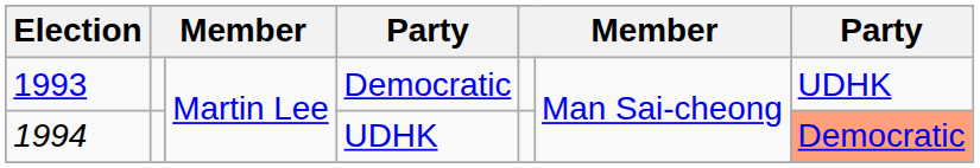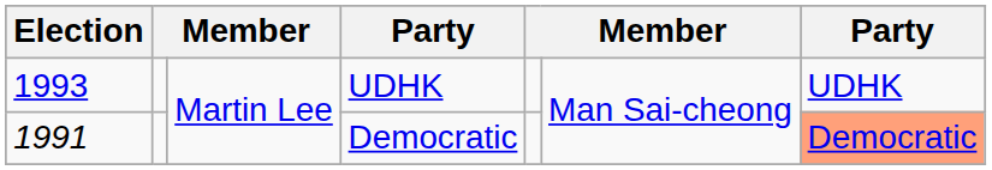 <table class="wikitable">
 <tr>
 <th>Election</th>
 <th colspan="2">Member</th>
 <th>Party</th>
 <th colspan="2">Member</th>
 <th>Party</th>
 </tr>
 <tr>
 <td><a href='#'>1993</a></td>
 <td bgcolor=></td>
 <td rowspan="2"><a href='#'>Martin Lee</a></td>
-<td><a href='#'>Democratic</a></td>
+<td><a href='#'>UDHK</a></td>
 <td bgcolor=></td>
 <td rowspan="2"><a href='#'>Man Sai-cheong</a></td>
 <td><a href='#'>UDHK</a></td>
 </tr>
 <tr>
-<td><em>1994</em></td>
+<td><em>1991</em></td>
 <td bgcolor=></td>
-<td><a href='#'>UDHK</a></td>
+<td><a href='#'>Democratic</a></td>
 <td bgcolor=></td>
 <td style="background: lightsalmon;"><a href='#'>Democratic</a></td>
 </tr>
 </table>
